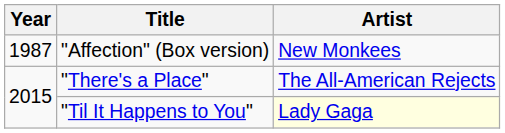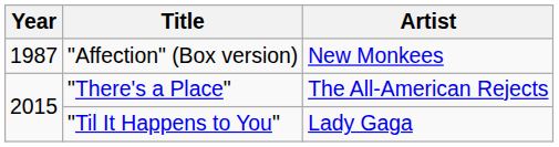 <table class="wikitable">
 <tr>
 <th>Year</th>
 <th>Title</th>
 <th>Artist</th>
 </tr>
 <tr>
 <td>1987</td>
 <td>"Affection" (Box version)</td>
 <td><a href='#'>New Monkees</a></td>
 </tr>
 <tr>
 <td rowspan="2">2015</td>
 <td>"<a href='#'>There's a Place</a>"</td>
 <td><a href='#'>The All-American Rejects</a></td>
 </tr>
 <tr>
 <td>"<a href='#'>Til It Happens to You</a>"</td>
-<td style="background: lightyellow;"><a href='#'>Lady Gaga</a></td>
+<td><a href='#'>Lady Gaga</a></td>
 </tr>
 </table>
